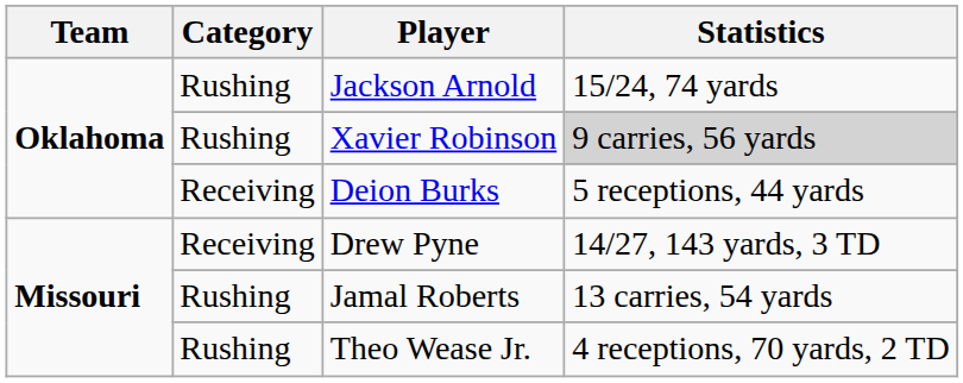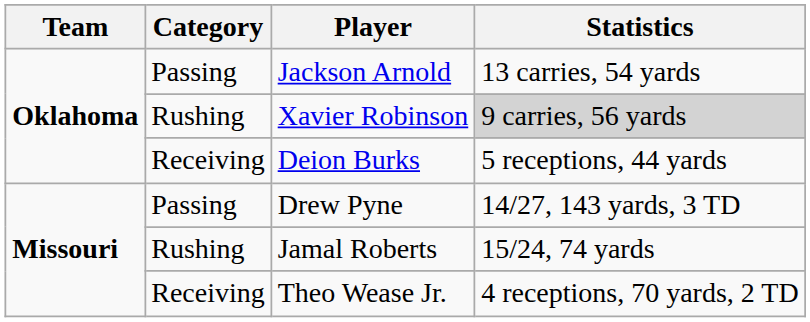 <table class="wikitable" style="float: right;">
 <tr>
 <th>Team</th>
 <th>Category</th>
 <th>Player</th>
 <th>Statistics</th>
 </tr>
 <tr>
 <td rowspan=3><strong>Oklahoma</strong></td>
-<td>Rushing</td>
+<td>Passing</td>
 <td><a href='#'>Jackson Arnold</a></td>
-<td>15/24, 74 yards</td>
+<td>13 carries, 54 yards</td>
 </tr>
 <tr>
 <td>Rushing</td>
 <td><a href='#'>Xavier Robinson</a></td>
 <td style="background: lightgrey;">9 carries, 56 yards</td>
 </tr>
 <tr>
 <td>Receiving</td>
 <td><a href='#'>Deion Burks</a></td>
 <td>5 receptions, 44 yards</td>
 </tr>
 <tr>
 <td rowspan=3><strong>Missouri</strong></td>
-<td>Receiving</td>
+<td>Passing</td>
 <td>Drew Pyne</td>
 <td>14/27, 143 yards, 3 TD</td>
 </tr>
 <tr>
 <td>Rushing</td>
 <td>Jamal Roberts</td>
-<td>13 carries, 54 yards</td>
+<td>15/24, 74 yards</td>
 </tr>
 <tr>
-<td>Rushing</td>
+<td>Receiving</td>
 <td>Theo Wease Jr.</td>
 <td>4 receptions, 70 yards, 2 TD</td>
 </tr>
 </table>
